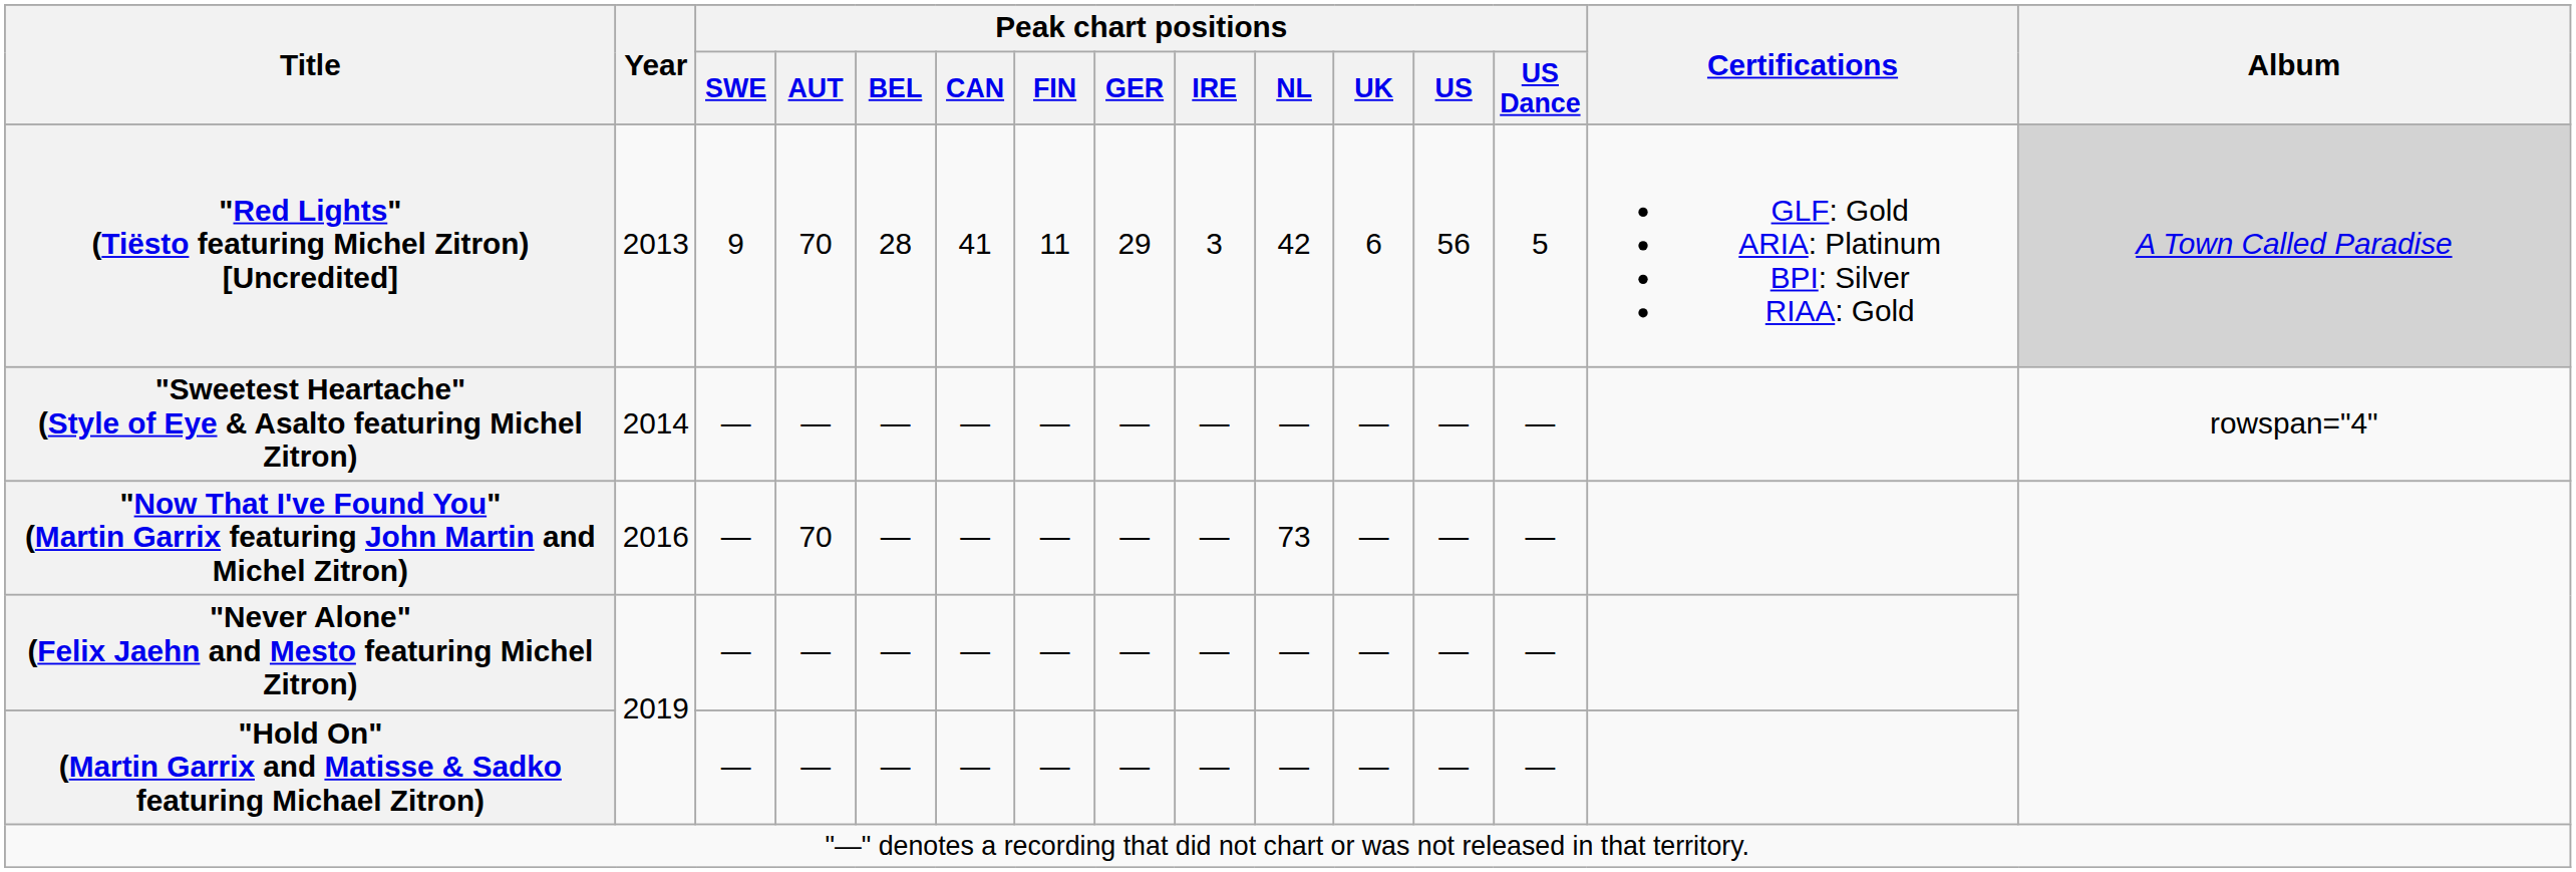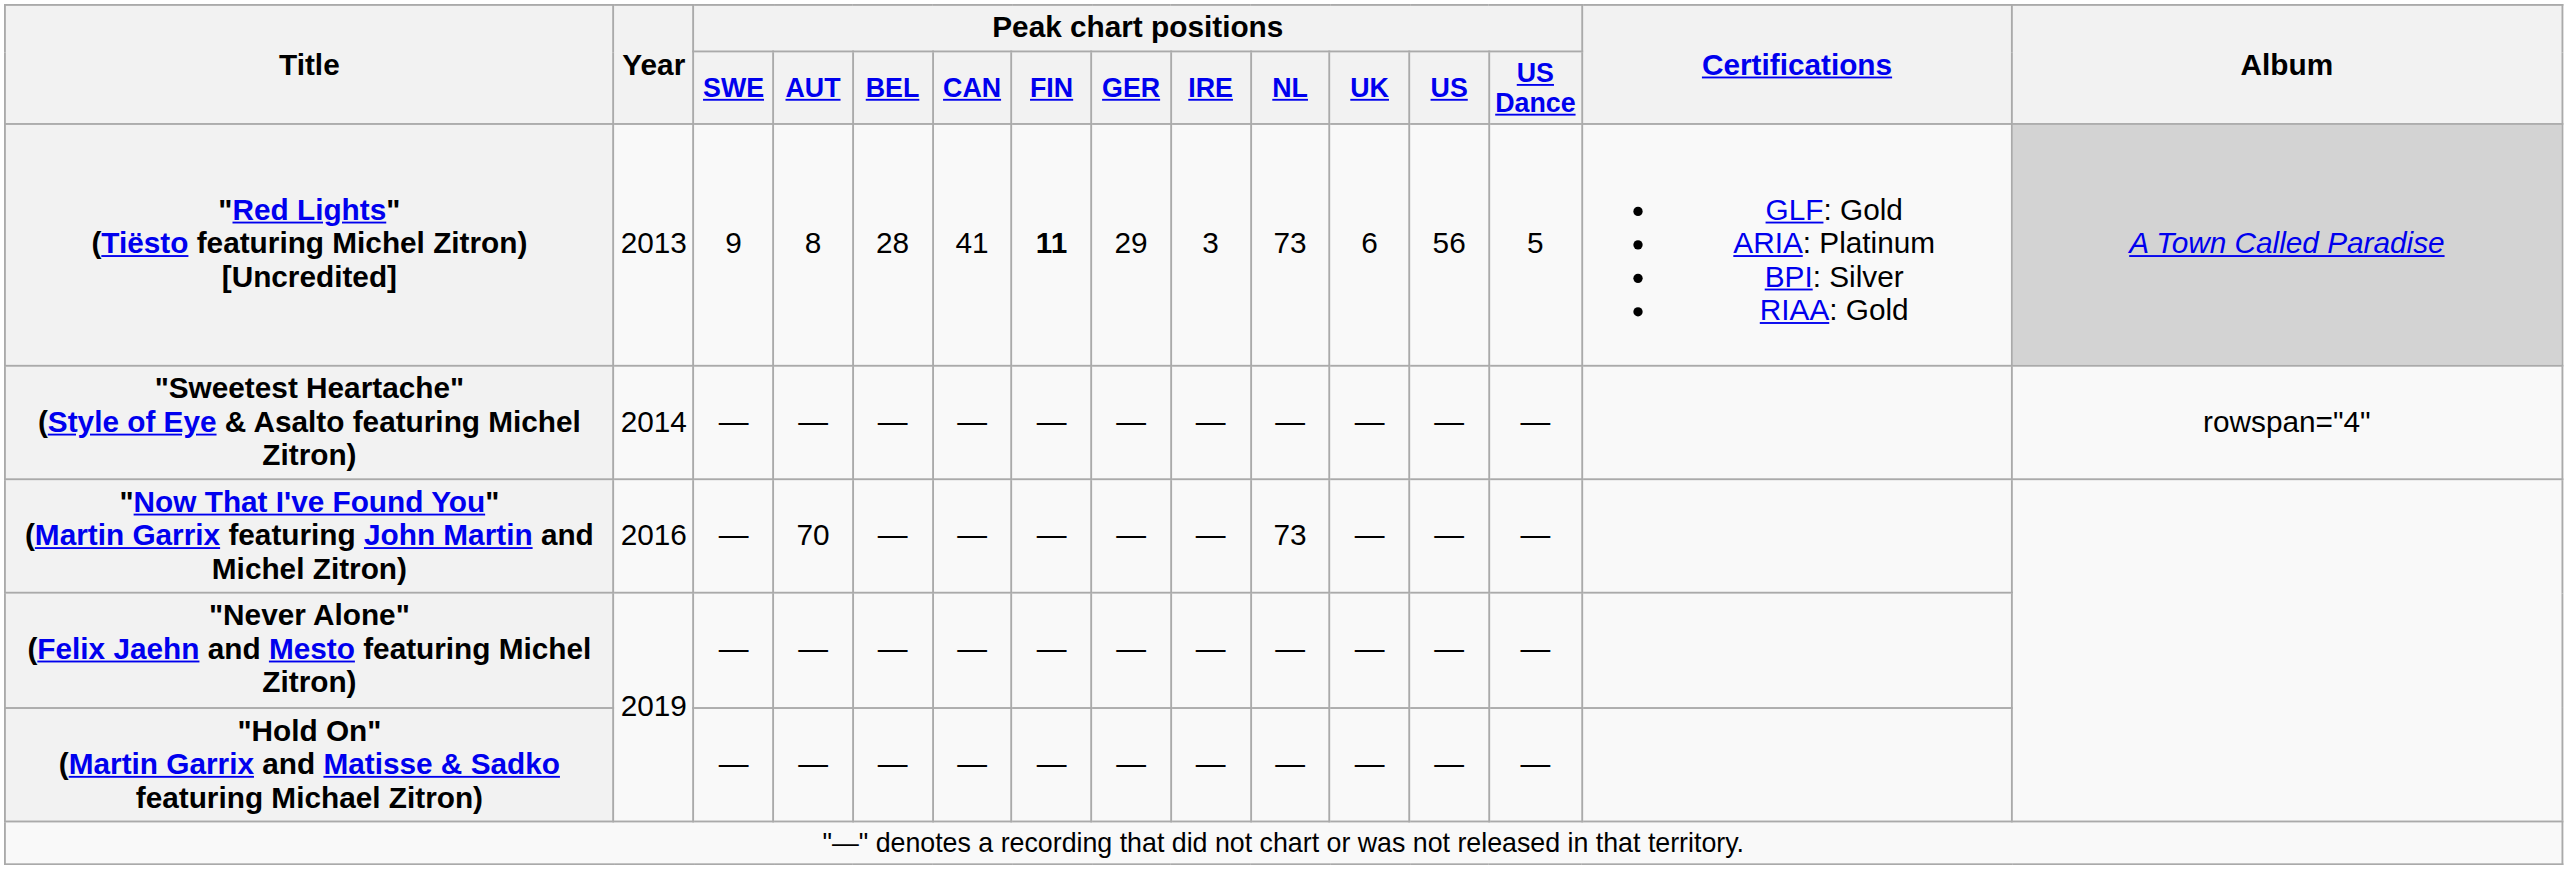 <table class="wikitable plainrowheaders" style="text-align:center;">
 <tr>
 <th scope="col" rowspan="2" style="width:20em;">Title</th>
 <th scope="col" rowspan="2" style="width:1em;">Year</th>
 <th scope="col" colspan="11">Peak chart positions</th>
 <th scope="col" rowspan="2" style="width:14em;"><a href='#'>Certifications</a></th>
 <th scope="col" rowspan="2" style="width:18em;">Album</th>
 </tr>
 <tr>
 <th scope="col" style="width:2.5em;font-size:90%;"><a href='#'>SWE</a><br></th>
 <th scope="col" style="width:2.5em;font-size:90%;"><a href='#'>AUT</a><br></th>
 <th scope="col" style="width:2.5em;font-size:90%;"><a href='#'>BEL</a><br></th>
 <th scope="col" style="width:2.5em;font-size:90%;"><a href='#'>CAN</a><br></th>
 <th scope="col" style="width:2.5em;font-size:90%;"><a href='#'>FIN</a><br></th>
 <th scope="col" style="width:2.5em;font-size:90%;"><a href='#'>GER</a><br></th>
 <th scope="col" style="width:2.5em;font-size:90%;"><a href='#'>IRE</a><br></th>
 <th scope="col" style="width:2.5em;font-size:90%;"><a href='#'>NL</a><br></th>
 <th scope="col" style="width:2.5em;font-size:90%;"><a href='#'>UK</a><br></th>
 <th scope="col" style="width:2.5em;font-size:90%;"><a href='#'>US</a><br></th>
 <th scope="col" style="width:2.5em;font-size:90%;"><a href='#'>US<br>Dance</a><br></th>
 </tr>
 <tr>
 <th scope="row">"<a href='#'>Red Lights</a>"<br><span>(<a href='#'>Tiësto</a> featuring Michel Zitron) [Uncredited]</span></th>
 <td>2013</td>
 <td>9</td>
-<td>70</td>
+<td>8</td>
 <td>28</td>
 <td>41</td>
-<td>11</td>
+<td><strong>11</strong></td>
 <td>29</td>
 <td>3</td>
-<td>42</td>
+<td>73</td>
 <td>6</td>
 <td>56</td>
 <td>5</td>
 <td><br><ul><li><a href='#'>GLF</a>: Gold</li><li><a href='#'>ARIA</a>: Platinum</li><li><a href='#'>BPI</a>: Silver</li><li><a href='#'>RIAA</a>: Gold</li></ul></td>
 <td style="background: lightgrey;"><em><a href='#'>A Town Called Paradise</a></em></td>
 </tr>
 <tr>
 <th scope="row">"Sweetest Heartache"<br><span>(<a href='#'>Style of Eye</a> & Asalto featuring Michel Zitron)</span></th>
 <td>2014</td>
 <td>—</td>
 <td>—</td>
 <td>—</td>
 <td>—</td>
 <td>—</td>
 <td>—</td>
 <td>—</td>
 <td>—</td>
 <td>—</td>
 <td>—</td>
 <td>—</td>
 <td></td>
 <td>rowspan="4" </td>
 </tr>
 <tr>
 <th scope="row">"<a href='#'>Now That I've Found You</a>" <br><span>(<a href='#'>Martin Garrix</a> featuring <a href='#'>John Martin</a> and Michel Zitron)</span></th>
 <td>2016</td>
 <td>—</td>
 <td>70</td>
 <td>—</td>
 <td>—</td>
 <td>—</td>
 <td>—</td>
 <td>—</td>
 <td>73</td>
 <td>—</td>
 <td>—</td>
 <td>—</td>
 <td></td>
 </tr>
 <tr>
 <th scope="row">"Never Alone" <br><span>(<a href='#'>Felix Jaehn</a> and <a href='#'>Mesto</a> featuring Michel Zitron)</span></th>
 <td rowspan="2">2019</td>
 <td>—</td>
 <td>—</td>
 <td>—</td>
 <td>—</td>
 <td>—</td>
 <td>—</td>
 <td>—</td>
 <td>—</td>
 <td>—</td>
 <td>—</td>
 <td>—</td>
 <td></td>
 </tr>
 <tr>
 <th scope="row">"Hold On"<br><span>(<a href='#'>Martin Garrix</a> and <a href='#'>Matisse & Sadko</a> featuring Michael Zitron)</span></th>
 <td>—</td>
 <td>—</td>
 <td>—</td>
 <td>—</td>
 <td>—</td>
 <td>—</td>
 <td>—</td>
 <td>—</td>
 <td>—</td>
 <td>—</td>
 <td>—</td>
 <td></td>
 </tr>
 <tr>
 <td colspan="15" style="font-size:90%">"—" denotes a recording that did not chart or was not released in that territory.</td>
 </tr>
 </table>
